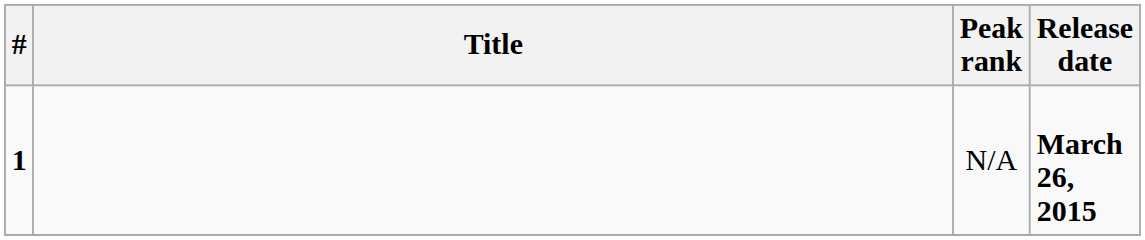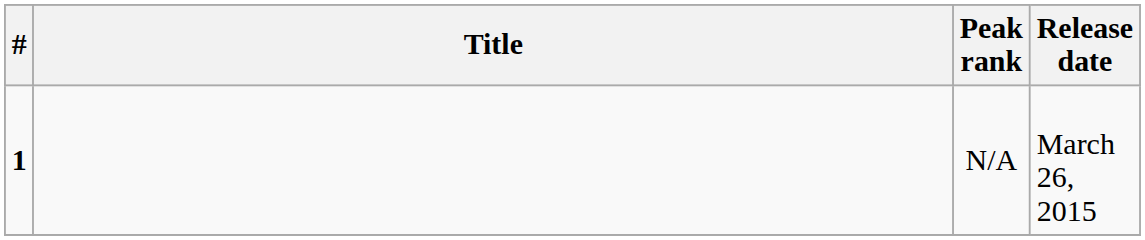 <table class="wikitable">
 <tr>
 <th>#</th>
 <th>Title</th>
 <th>Peak rank</th>
 <th>Release date</th>
 </tr>
 <tr>
 <td align="center"><strong>1</strong></td>
 <td style="width: 600px;"></td>
 <td align="center">N/A</td>
-<td><strong><br>March 26, 2015</strong></td>
+<td><br>March 26, 2015</td>
 </tr>
 <tr>
 </tr>
 </table>
